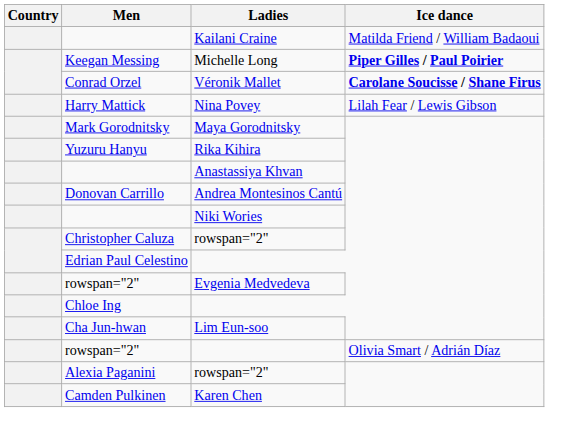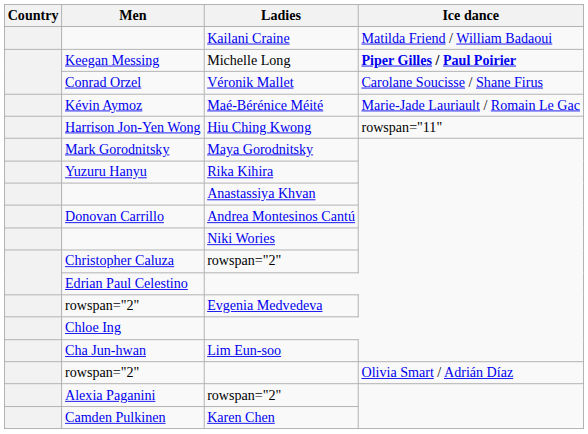 <table class="wikitable sortable" style="text-align:left">
 <tr>
 <th scope="col">Country</th>
 <th scope="col">Men</th>
 <th scope="col">Ladies</th>
 <th scope="col">Ice dance</th>
 </tr>
 <tr>
 <th scope="row" style="text-align:left"></th>
 <td></td>
 <td><a href='#'>Kailani Craine</a></td>
 <td><a href='#'>Matilda Friend</a> / <a href='#'>William Badaoui</a></td>
 </tr>
 <tr>
 <th scope="row" style="text-align:left" rowspan="2"></th>
 <td><a href='#'>Keegan Messing</a></td>
 <td>Michelle Long</td>
 <td><strong><a href='#'>Piper Gilles</a> / <a href='#'>Paul Poirier</a></strong></td>
 </tr>
 <tr>
 <td><a href='#'>Conrad Orzel</a></td>
 <td><a href='#'>Véronik Mallet</a></td>
-<td><strong><a href='#'>Carolane Soucisse</a> / <a href='#'>Shane Firus</a></strong></td>
+<td><a href='#'>Carolane Soucisse</a> / <a href='#'>Shane Firus</a></td>
 </tr>
 <tr>
 <th scope="row" style="text-align:left"></th>
-<td><a href='#'>Harry Mattick</a></td>
-<td><a href='#'>Nina Povey</a></td>
-<td><a href='#'>Lilah Fear</a> / <a href='#'>Lewis Gibson</a></td>
+<td><a href='#'>Kévin Aymoz</a></td>
+<td><a href='#'>Maé-Bérénice Méité</a></td>
+<td><a href='#'>Marie-Jade Lauriault</a> / <a href='#'>Romain Le Gac</a></td>
+</tr>
+<tr>
+<th scope="row" style="text-align:left"></th>
+<td><a href='#'>Harrison Jon-Yen Wong</a></td>
+<td><a href='#'>Hiu Ching Kwong</a></td>
+<td>rowspan="11" </td>
 </tr>
 <tr>
 <th scope="row" style="text-align:left"></th>
 <td><a href='#'>Mark Gorodnitsky</a></td>
 <td><a href='#'>Maya Gorodnitsky</a></td>
 </tr>
 <tr>
 <th scope="row" style="text-align:left"></th>
 <td><a href='#'>Yuzuru Hanyu</a></td>
 <td><a href='#'>Rika Kihira</a></td>
 </tr>
 <tr>
 <th scope="row" style="text-align:left"></th>
 <td></td>
 <td><a href='#'>Anastassiya Khvan</a></td>
 </tr>
 <tr>
 <th scope="row" style="text-align:left"></th>
 <td><a href='#'>Donovan Carrillo</a></td>
 <td><a href='#'>Andrea Montesinos Cantú</a></td>
 </tr>
 <tr>
 <th scope="row" style="text-align:left"></th>
 <td></td>
 <td><a href='#'>Niki Wories</a></td>
 </tr>
 <tr>
 <th scope="row" style="text-align:left" rowspan="2"></th>
 <td><a href='#'>Christopher Caluza</a></td>
 <td>rowspan="2" </td>
 </tr>
 <tr>
 <td><a href='#'>Edrian Paul Celestino</a></td>
 </tr>
 <tr>
 <th scope="row" style="text-align:left"></th>
 <td>rowspan="2" </td>
 <td><a href='#'>Evgenia Medvedeva</a></td>
 </tr>
 <tr>
 <th scope="row" style="text-align:left"></th>
 <td><a href='#'>Chloe Ing</a></td>
 </tr>
 <tr>
 <th scope="row" style="text-align:left"></th>
 <td><a href='#'>Cha Jun-hwan</a></td>
 <td><a href='#'>Lim Eun-soo</a></td>
 </tr>
 <tr>
 <th scope="row" style="text-align:left"></th>
 <td>rowspan="2" </td>
 <td></td>
 <td><a href='#'>Olivia Smart</a> / <a href='#'>Adrián Díaz</a></td>
 </tr>
 <tr>
 <th scope="row" style="text-align:left"></th>
 <td><a href='#'>Alexia Paganini</a></td>
 <td>rowspan="2" </td>
 </tr>
 <tr>
 <th scope="row" style="text-align:left"></th>
 <td><a href='#'>Camden Pulkinen</a></td>
 <td><a href='#'>Karen Chen</a></td>
 </tr>
 </table>
